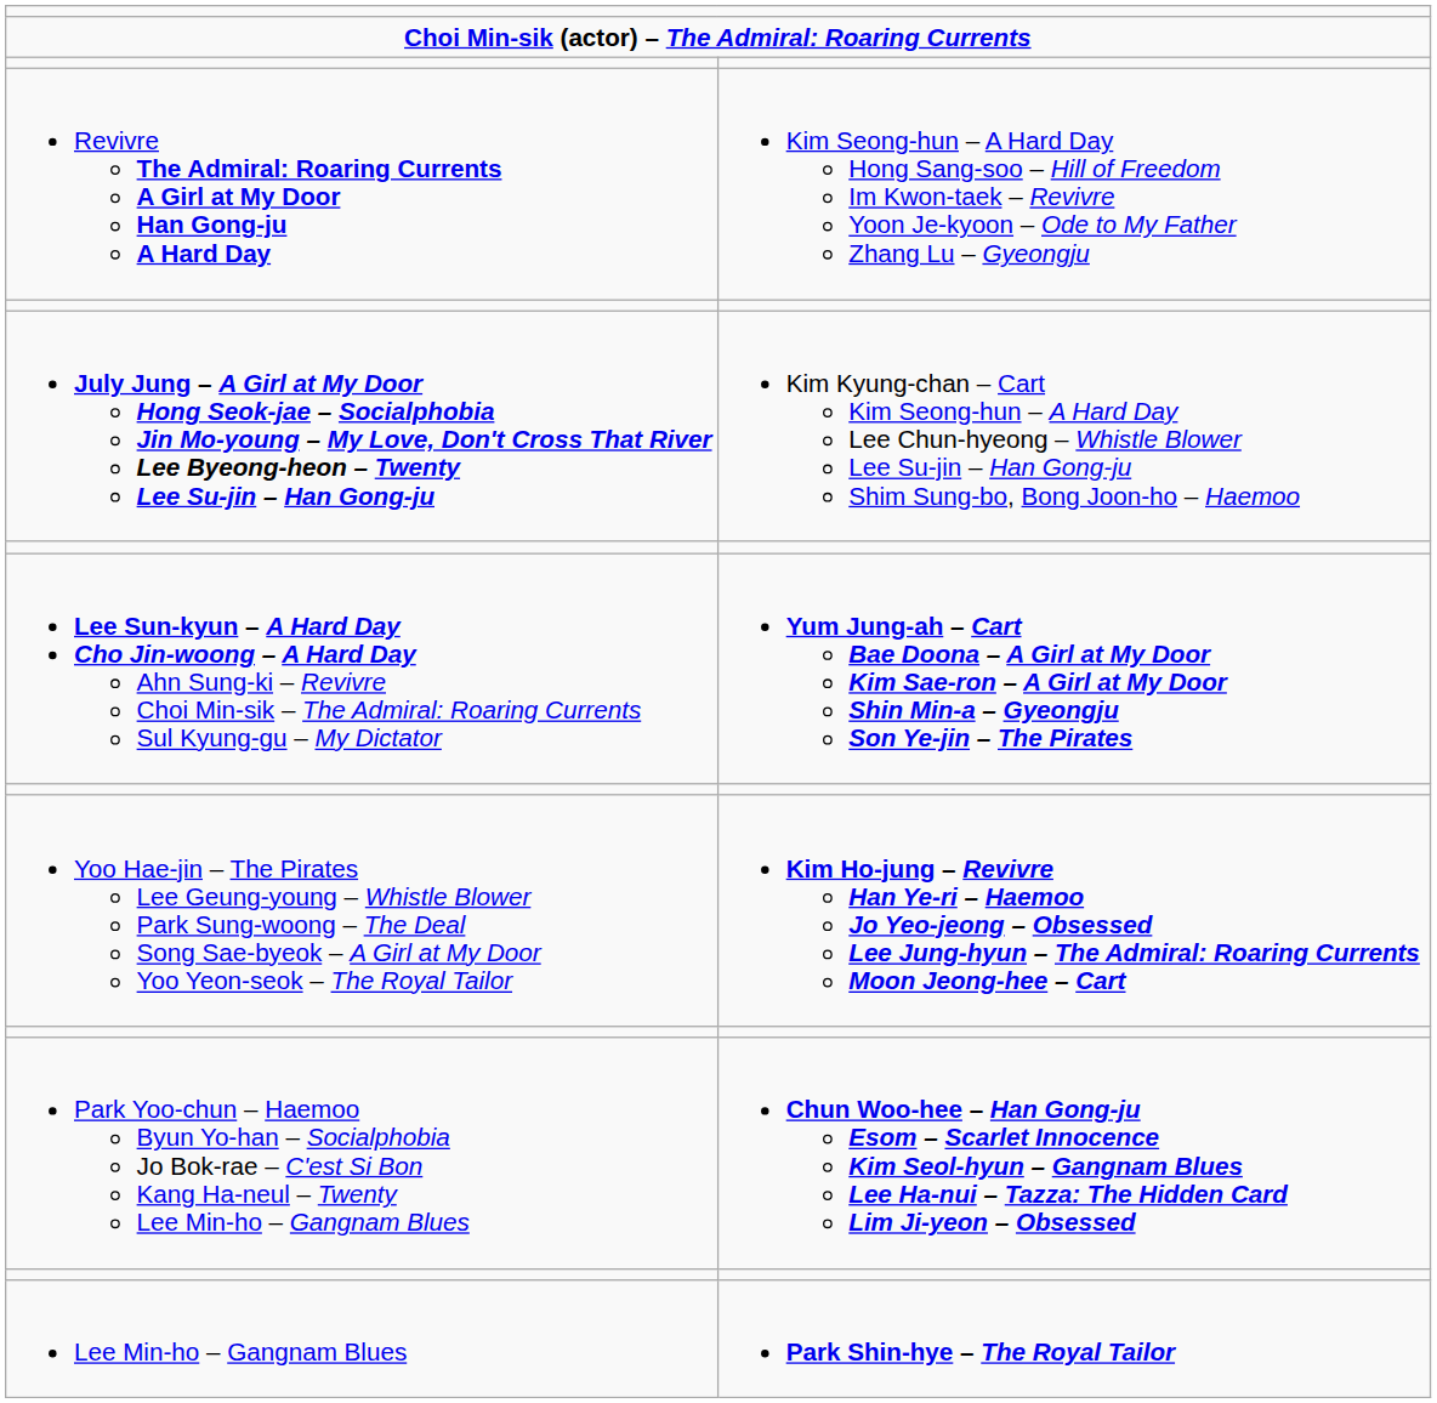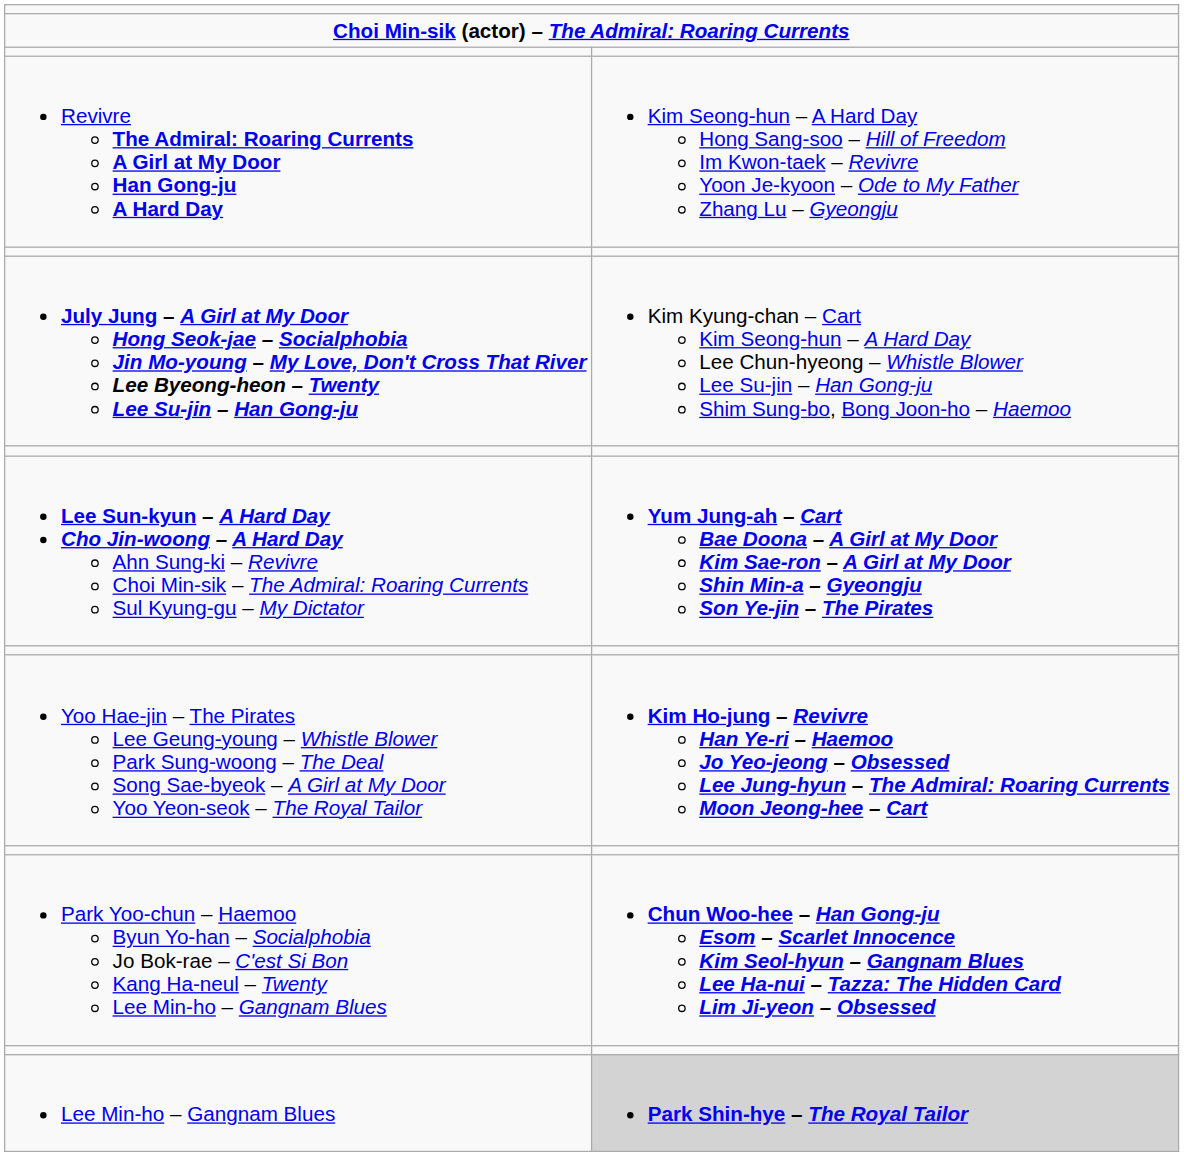 <table class="wikitable" align="center">
 <tr>
 <td colspan="2" style="vertical-align:top; width:100%;"></td>
 </tr>
 <tr>
 <td colspan="2" style="vertical-align:top; text-align:center;"><strong><a href='#'>Choi Min-sik</a> (actor) – <em><a href='#'>The Admiral: Roaring Currents</a><strong><em></td>
 </tr>
 <tr>
 <td style="vertical-align:top; width:50%;"></td>
 <td style="vertical-align:top; width:50%;"></td>
 </tr>
 <tr>
 <td valign="top"><br><ul><li></em></strong><a href='#'>Revivre</a><strong><em><ul><li></em><a href='#'>The Admiral: Roaring Currents</a><em></li><li></em><a href='#'>A Girl at My Door</a><em></li><li></em><a href='#'>Han Gong-ju</a><em></li><li></em><a href='#'>A Hard Day</a><em></li></ul></li></ul></td>
 <td valign="top"><br><ul><li></strong><a href='#'>Kim Seong-hun</a> – </em><a href='#'>A Hard Day</a></em></strong><ul><li><a href='#'>Hong Sang-soo</a> – <em><a href='#'>Hill of Freedom</a></em></li><li><a href='#'>Im Kwon-taek</a> – <em><a href='#'>Revivre</a></em></li><li><a href='#'>Yoon Je-kyoon</a> – <em><a href='#'>Ode to My Father</a></em></li><li><a href='#'>Zhang Lu</a> – <em><a href='#'>Gyeongju</a></em></li></ul></li></ul></td>
 </tr>
 <tr>
 <td style="vertical-align:top; width:50%;"></td>
 <td style="vertical-align:top; width:50%;"></td>
 </tr>
 <tr>
 <td valign="top"><br><ul><li><strong><a href='#'>July Jung</a> – <em><a href='#'>A Girl at My Door</a><strong><em><ul><li><a href='#'>Hong Seok-jae</a> – </em><a href='#'>Socialphobia</a><em></li><li><a href='#'>Jin Mo-young</a> – </em><a href='#'>My Love, Don't Cross That River</a><em></li><li>Lee Byeong-heon – </em><a href='#'>Twenty</a><em></li><li><a href='#'>Lee Su-jin</a> – </em><a href='#'>Han Gong-ju</a><em></li></ul></li></ul></td>
 <td valign="top"><br><ul><li></strong>Kim Kyung-chan – </em><a href='#'>Cart</a></em></strong><ul><li><a href='#'>Kim Seong-hun</a> – <em><a href='#'>A Hard Day</a></em></li><li>Lee Chun-hyeong – <em><a href='#'>Whistle Blower</a></em></li><li><a href='#'>Lee Su-jin</a> – <em><a href='#'>Han Gong-ju</a></em></li><li><a href='#'>Shim Sung-bo</a>, <a href='#'>Bong Joon-ho</a> – <em><a href='#'>Haemoo</a></em></li></ul></li></ul></td>
 </tr>
 <tr>
 <td style="vertical-align:top; width:50%;"></td>
 <td style="vertical-align:top; width:50%;"></td>
 </tr>
 <tr>
 <td valign="top"><br><ul><li><strong><a href='#'>Lee Sun-kyun</a> – <em><a href='#'>A Hard Day</a><strong><em></li><li></strong><a href='#'>Cho Jin-woong</a> – </em><a href='#'>A Hard Day</a></em></strong><ul><li><a href='#'>Ahn Sung-ki</a> – <em><a href='#'>Revivre</a></em></li><li><a href='#'>Choi Min-sik</a> – <em><a href='#'>The Admiral: Roaring Currents</a></em></li><li><a href='#'>Sul Kyung-gu</a> – <em><a href='#'>My Dictator</a></em></li></ul></li></ul></td>
 <td valign="top"><br><ul><li><strong><a href='#'>Yum Jung-ah</a> – <em><a href='#'>Cart</a><strong><em><ul><li><a href='#'>Bae Doona</a> – </em><a href='#'>A Girl at My Door</a><em></li><li><a href='#'>Kim Sae-ron</a> – </em><a href='#'>A Girl at My Door</a><em></li><li><a href='#'>Shin Min-a</a> – </em><a href='#'>Gyeongju</a><em></li><li><a href='#'>Son Ye-jin</a> – </em><a href='#'>The Pirates</a><em></li></ul></li></ul></td>
 </tr>
 <tr>
 <td style="vertical-align:top; width:50%;"></td>
 <td style="vertical-align:top; width:50%;"></td>
 </tr>
 <tr>
 <td valign="top"><br><ul><li></strong><a href='#'>Yoo Hae-jin</a> – </em><a href='#'>The Pirates</a></em></strong><ul><li><a href='#'>Lee Geung-young</a> – <em><a href='#'>Whistle Blower</a></em></li><li><a href='#'>Park Sung-woong</a> – <em><a href='#'>The Deal</a></em></li><li><a href='#'>Song Sae-byeok</a> – <em><a href='#'>A Girl at My Door</a></em></li><li><a href='#'>Yoo Yeon-seok</a> – <em><a href='#'>The Royal Tailor</a></em></li></ul></li></ul></td>
 <td valign="top"><br><ul><li><strong><a href='#'>Kim Ho-jung</a> – <em><a href='#'>Revivre</a><strong><em><ul><li><a href='#'>Han Ye-ri</a> – </em><a href='#'>Haemoo</a><em></li><li><a href='#'>Jo Yeo-jeong</a> – </em><a href='#'>Obsessed</a><em></li><li><a href='#'>Lee Jung-hyun</a> – </em><a href='#'>The Admiral: Roaring Currents</a><em></li><li><a href='#'>Moon Jeong-hee</a> – </em><a href='#'>Cart</a><em></li></ul></li></ul></td>
 </tr>
 <tr>
 <td style="vertical-align:top; width:50%;"></td>
 <td style="vertical-align:top; width:50%;"></td>
 </tr>
 <tr>
 <td valign="top"><br><ul><li></strong><a href='#'>Park Yoo-chun</a> – </em><a href='#'>Haemoo</a></em></strong><ul><li><a href='#'>Byun Yo-han</a> – <em><a href='#'>Socialphobia</a></em></li><li>Jo Bok-rae – <em><a href='#'>C'est Si Bon</a></em></li><li><a href='#'>Kang Ha-neul</a> – <em><a href='#'>Twenty</a></em></li><li><a href='#'>Lee Min-ho</a> – <em><a href='#'>Gangnam Blues</a></em></li></ul></li></ul></td>
 <td valign="top"><br><ul><li><strong><a href='#'>Chun Woo-hee</a> – <em><a href='#'>Han Gong-ju</a><strong><em><ul><li><a href='#'>Esom</a> – </em><a href='#'>Scarlet Innocence</a><em></li><li><a href='#'>Kim Seol-hyun</a> – </em><a href='#'>Gangnam Blues</a><em></li><li><a href='#'>Lee Ha-nui</a> – </em><a href='#'>Tazza: The Hidden Card</a><em></li><li><a href='#'>Lim Ji-yeon</a> – </em><a href='#'>Obsessed</a><em></li></ul></li></ul></td>
 </tr>
 <tr>
 <td style="vertical-align:top; width:50%;"></td>
 <td style="vertical-align:top; width:50%;"></td>
 </tr>
 <tr>
 <td valign="top"><strong><br><ul><li></strong><a href='#'>Lee Min-ho</a> – </em><a href='#'>Gangnam Blues</a></em></strong></li></ul></strong></td>
-<td valign="top"><br><ul><li><strong><a href='#'>Park Shin-hye</a> – <em><a href='#'>The Royal Tailor</a><strong><em></li></ul></td>
+<td valign="top" style="background: lightgrey;"><br><ul><li><strong><a href='#'>Park Shin-hye</a> – <em><a href='#'>The Royal Tailor</a><strong><em></li></ul></td>
 </tr>
 </table>
